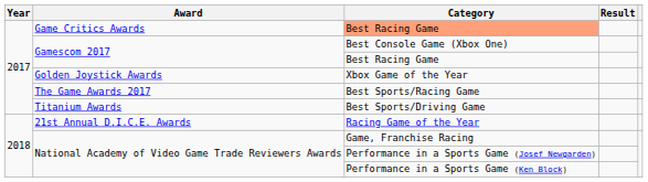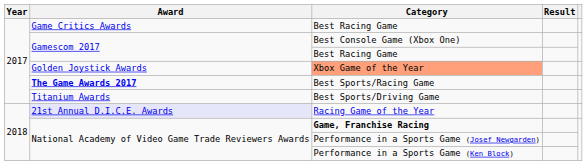 <table class="wikitable sortable">
 <tr>
 <th>Year</th>
 <th>Award</th>
 <th>Category</th>
 <th>Result</th>
 <th></th>
 </tr>
 <tr>
 <td style="text-align:center;" rowspan="6">2017</td>
 <td rowspan="1"><a href='#'>Game Critics Awards</a></td>
-<td style="background: lightsalmon;">Best Racing Game</td>
+<td>Best Racing Game</td>
 <td></td>
 <td rowspan="1" style="text-align:center;"></td>
 </tr>
 <tr>
 <td rowspan="2"><a href='#'>Gamescom 2017</a></td>
 <td>Best Console Game (Xbox One)</td>
 <td></td>
 <td rowspan="2" style="text-align:center;"></td>
 </tr>
 <tr>
 <td>Best Racing Game</td>
 <td></td>
 </tr>
 <tr>
 <td rowspan="1"><a href='#'>Golden Joystick Awards</a></td>
-<td>Xbox Game of the Year</td>
+<td style="background: lightsalmon;">Xbox Game of the Year</td>
 <td></td>
 <td rowspan="1" style="text-align:center;"></td>
 </tr>
 <tr>
-<td rowspan="1"><a href='#'>The Game Awards 2017</a></td>
+<td rowspan="1"><strong><a href='#'>The Game Awards 2017</a></strong></td>
 <td>Best Sports/Racing Game</td>
 <td></td>
 <td rowspan="1" style="text-align:center;"></td>
 </tr>
 <tr>
 <td rowspan="1"><a href='#'>Titanium Awards</a></td>
 <td>Best Sports/Driving Game</td>
 <td></td>
 <td rowspan="1" style="text-align:center;"></td>
 </tr>
 <tr>
 <td style="text-align:center;" rowspan="4">2018</td>
-<td rowspan="1"><a href='#'>21st Annual D.I.C.E. Awards</a></td>
+<td rowspan="1" style="background: lavender;"><a href='#'>21st Annual D.I.C.E. Awards</a></td>
 <td><a href='#'>Racing Game of the Year</a></td>
 <td></td>
 <td rowspan="1" style="text-align:center;"></td>
 </tr>
 <tr>
 <td rowspan="3">National Academy of Video Game Trade Reviewers Awards</td>
-<td>Game, Franchise Racing</td>
+<td><strong>Game, Franchise Racing</strong></td>
 <td></td>
 <td rowspan="3" style="text-align:center;"></td>
 </tr>
 <tr>
 <td>Performance in a Sports Game <small>(<a href='#'>Josef Newgarden</a>)</small></td>
 <td></td>
 </tr>
 <tr>
 <td>Performance in a Sports Game <small>(<a href='#'>Ken Block</a>)</small></td>
 <td></td>
 </tr>
 </table>
